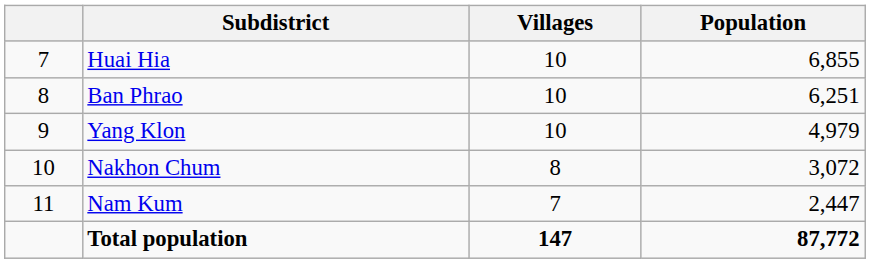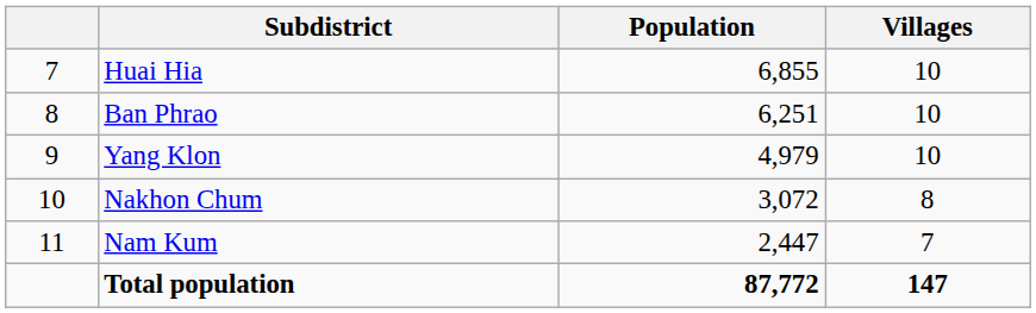 <table class="wikitable" style="width:48%; display:inline-table;">
 <tr>
 <th scope="col" style="width:9%;"> </th>
 <th scope="col" style="width:45%;">Subdistrict</th>
+<th scope="col" style="width:26%;">Population</th>
 <th scope="col" style="width:20%;">Villages</th>
-<th scope="col" style="width:26%;">Population</th>
 </tr>
 <tr>
 <td style="text-align:center;">7</td>
 <td><a href='#'>Huai Hia</a></td>
+<td style="text-align:right;">6,855</td>
 <td style="text-align:center;">10</td>
-<td style="text-align:right;">6,855</td>
 </tr>
 <tr>
 <td style="text-align:center;">8</td>
 <td><a href='#'>Ban Phrao</a></td>
+<td style="text-align:right;">6,251</td>
 <td style="text-align:center;">10</td>
-<td style="text-align:right;">6,251</td>
 </tr>
 <tr>
 <td style="text-align:center;">9</td>
 <td><a href='#'>Yang Klon</a></td>
+<td style="text-align:right;">4,979</td>
 <td style="text-align:center;">10</td>
-<td style="text-align:right;">4,979</td>
 </tr>
 <tr>
 <td style="text-align:center;">10</td>
 <td><a href='#'>Nakhon Chum</a></td>
+<td style="text-align:right;">3,072</td>
 <td style="text-align:center;">8</td>
-<td style="text-align:right;">3,072</td>
 </tr>
 <tr>
 <td style="text-align:center;">11</td>
 <td><a href='#'>Nam Kum</a></td>
+<td style="text-align:right;">2,447</td>
 <td style="text-align:center;">7</td>
-<td style="text-align:right;">2,447</td>
 </tr>
 <tr>
 <td></td>
 <td><strong>Total population</strong></td>
+<td style="text-align:right;"><strong>87,772</strong></td>
 <td style="text-align:center;"><strong>147</strong></td>
-<td style="text-align:right;"><strong>87,772</strong></td>
 </tr>
 </table>
